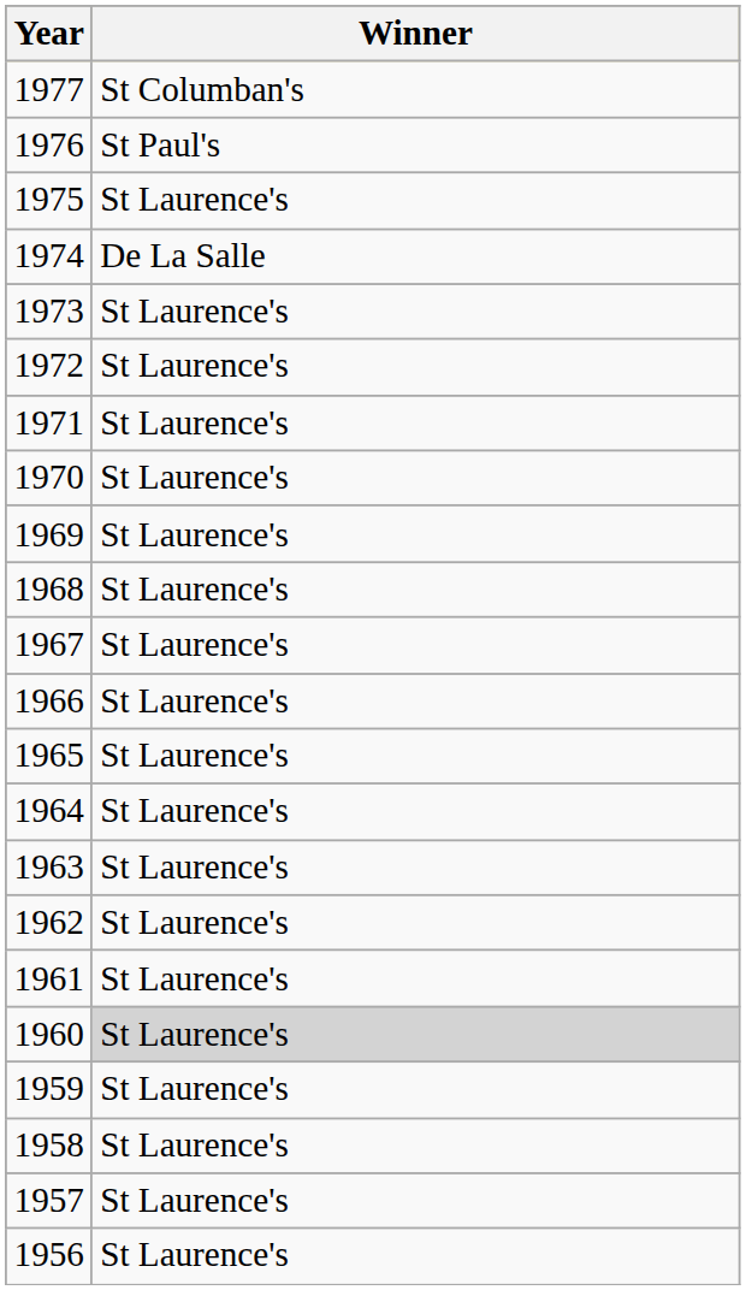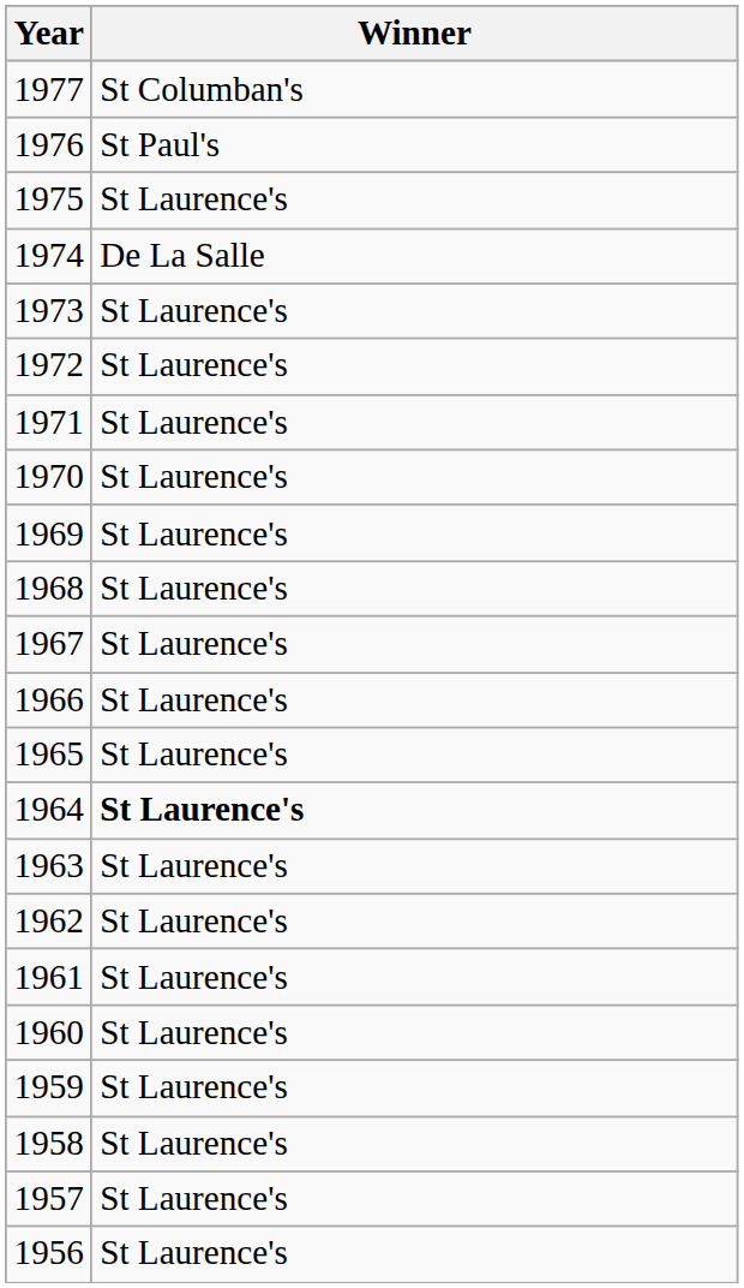 <table class="wikitable">
 <tr bgcolor=#bdb76b>
 <th style="width:2em;">Year</th>
 <th style="width:18em;">Winner</th>
 </tr>
 <tr>
 <td>1977</td>
 <td>St Columban's</td>
 </tr>
 <tr>
 <td>1976</td>
 <td>St Paul's</td>
 </tr>
 <tr>
 <td>1975</td>
 <td>St Laurence's</td>
 </tr>
 <tr>
 <td>1974</td>
 <td>De La Salle</td>
 </tr>
 <tr>
 <td>1973</td>
 <td>St Laurence's</td>
 </tr>
 <tr>
 <td>1972</td>
 <td>St Laurence's</td>
 </tr>
 <tr>
 <td>1971</td>
 <td>St Laurence's</td>
 </tr>
 <tr>
 <td>1970</td>
 <td>St Laurence's</td>
 </tr>
 <tr>
 <td>1969</td>
 <td>St Laurence's</td>
 </tr>
 <tr>
 <td>1968</td>
 <td>St Laurence's</td>
 </tr>
 <tr>
 <td>1967</td>
 <td>St Laurence's</td>
 </tr>
 <tr>
 <td>1966</td>
 <td>St Laurence's</td>
 </tr>
 <tr>
 <td>1965</td>
 <td>St Laurence's</td>
 </tr>
 <tr>
 <td>1964</td>
-<td>St Laurence's</td>
+<td><strong>St Laurence's</strong></td>
 </tr>
 <tr>
 <td>1963</td>
 <td>St Laurence's</td>
 </tr>
 <tr>
 <td>1962</td>
 <td>St Laurence's</td>
 </tr>
 <tr>
 <td>1961</td>
 <td>St Laurence's</td>
 </tr>
 <tr>
 <td>1960</td>
-<td style="background: lightgrey;">St Laurence's</td>
+<td>St Laurence's</td>
 </tr>
 <tr>
 <td>1959</td>
 <td>St Laurence's</td>
 </tr>
 <tr>
 <td>1958</td>
 <td>St Laurence's</td>
 </tr>
 <tr>
 <td>1957</td>
 <td>St Laurence's</td>
 </tr>
 <tr>
 <td>1956</td>
 <td>St Laurence's</td>
 </tr>
 </table>
